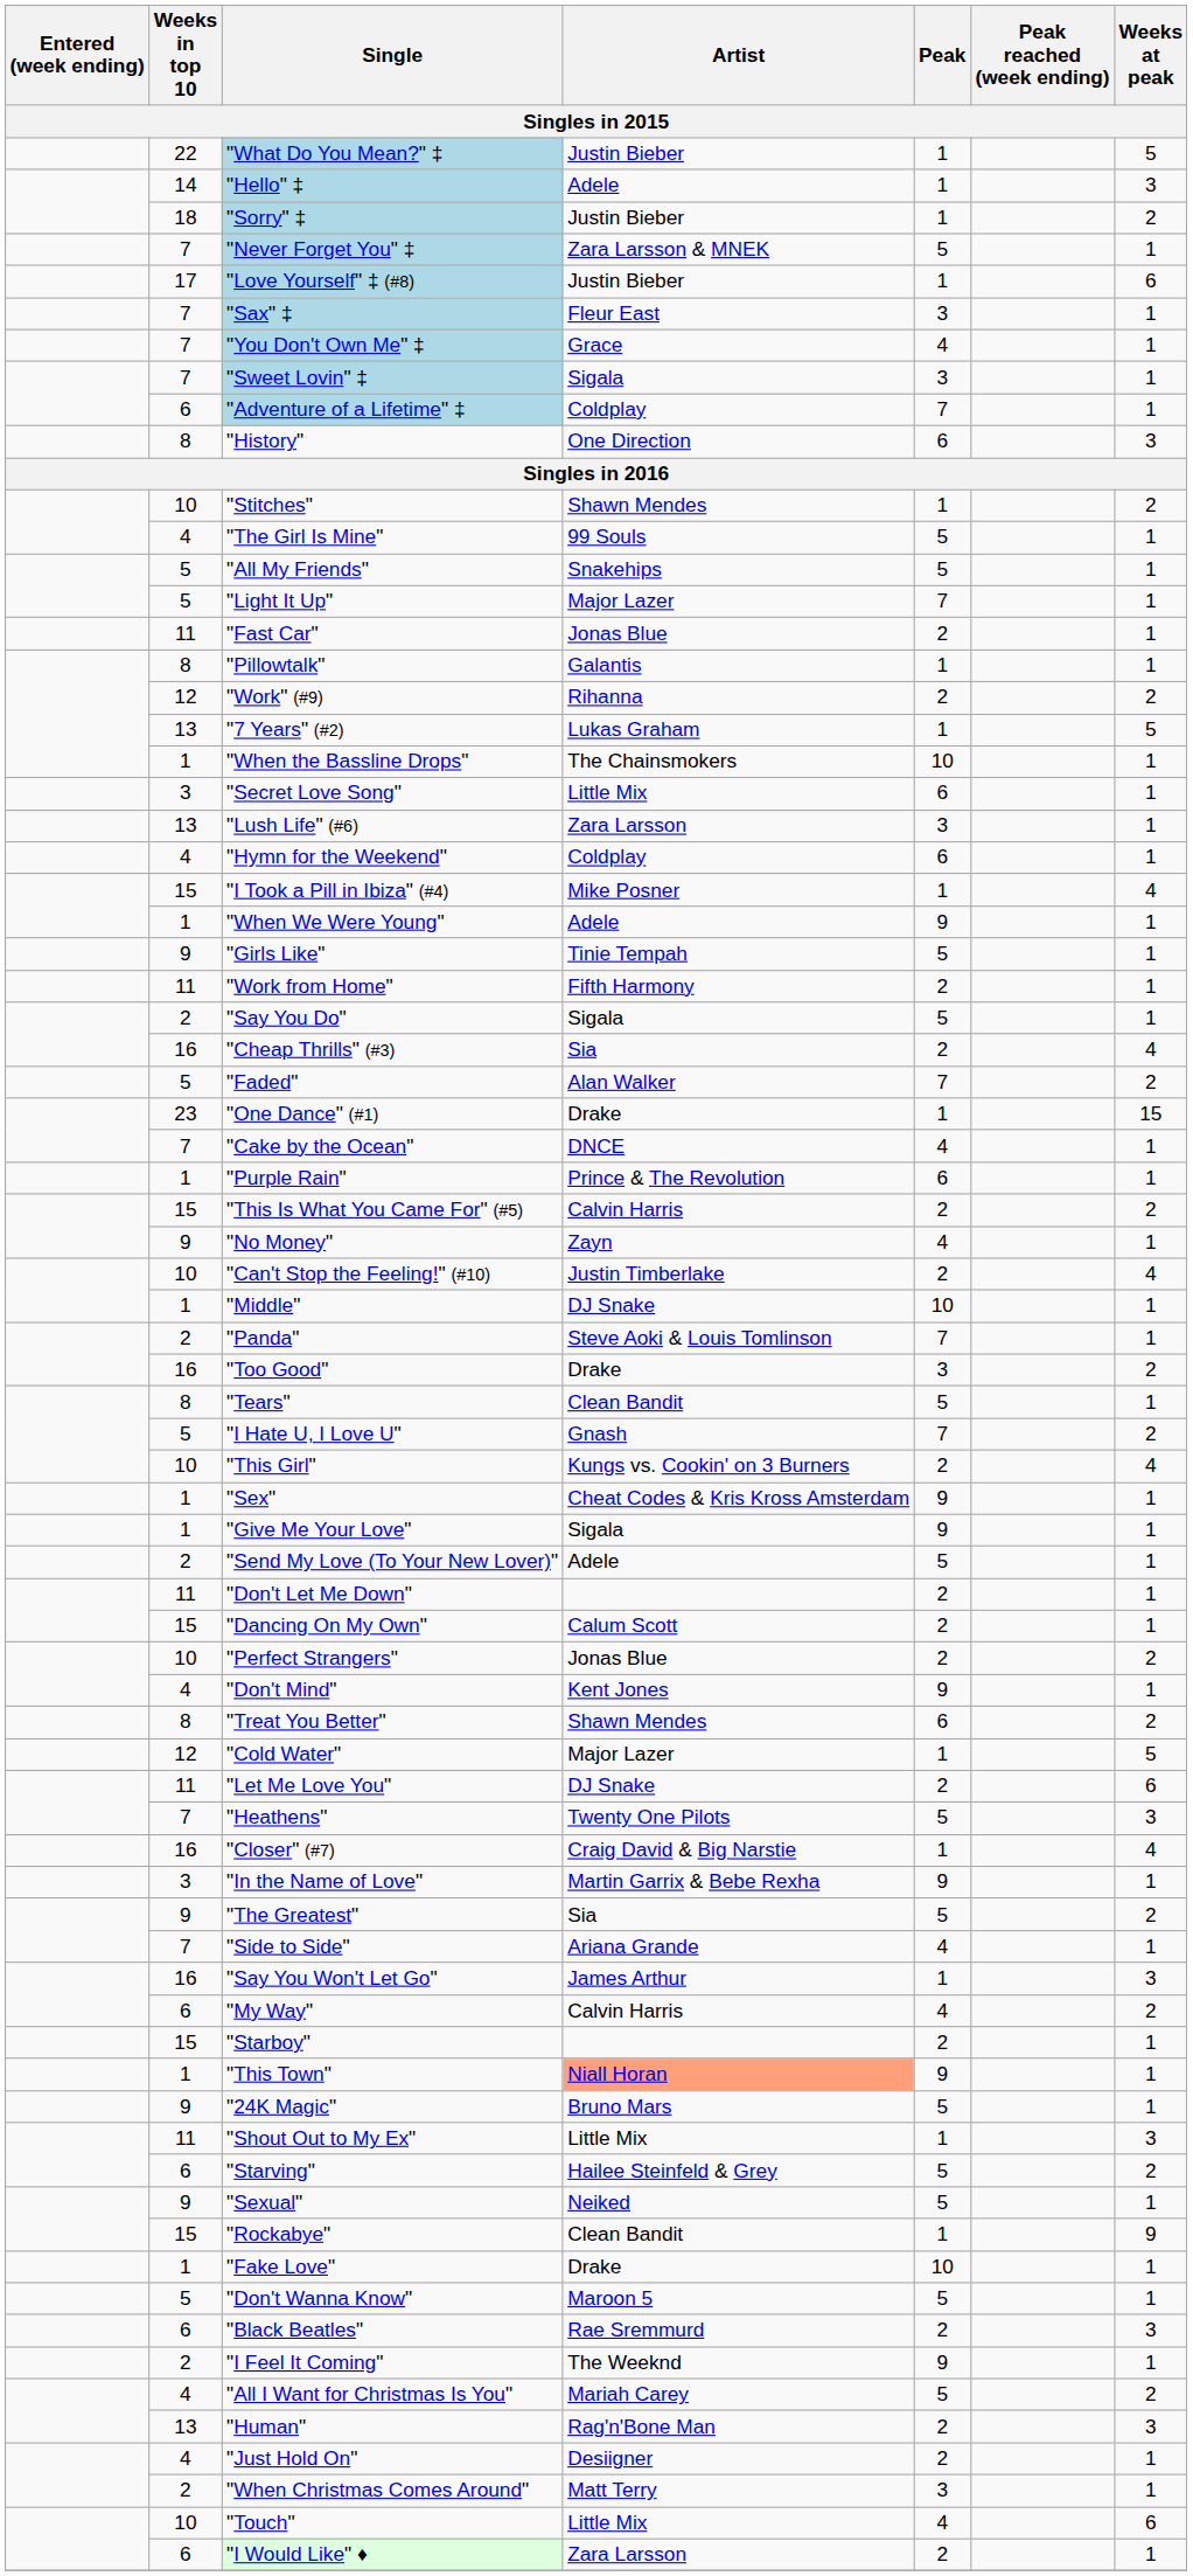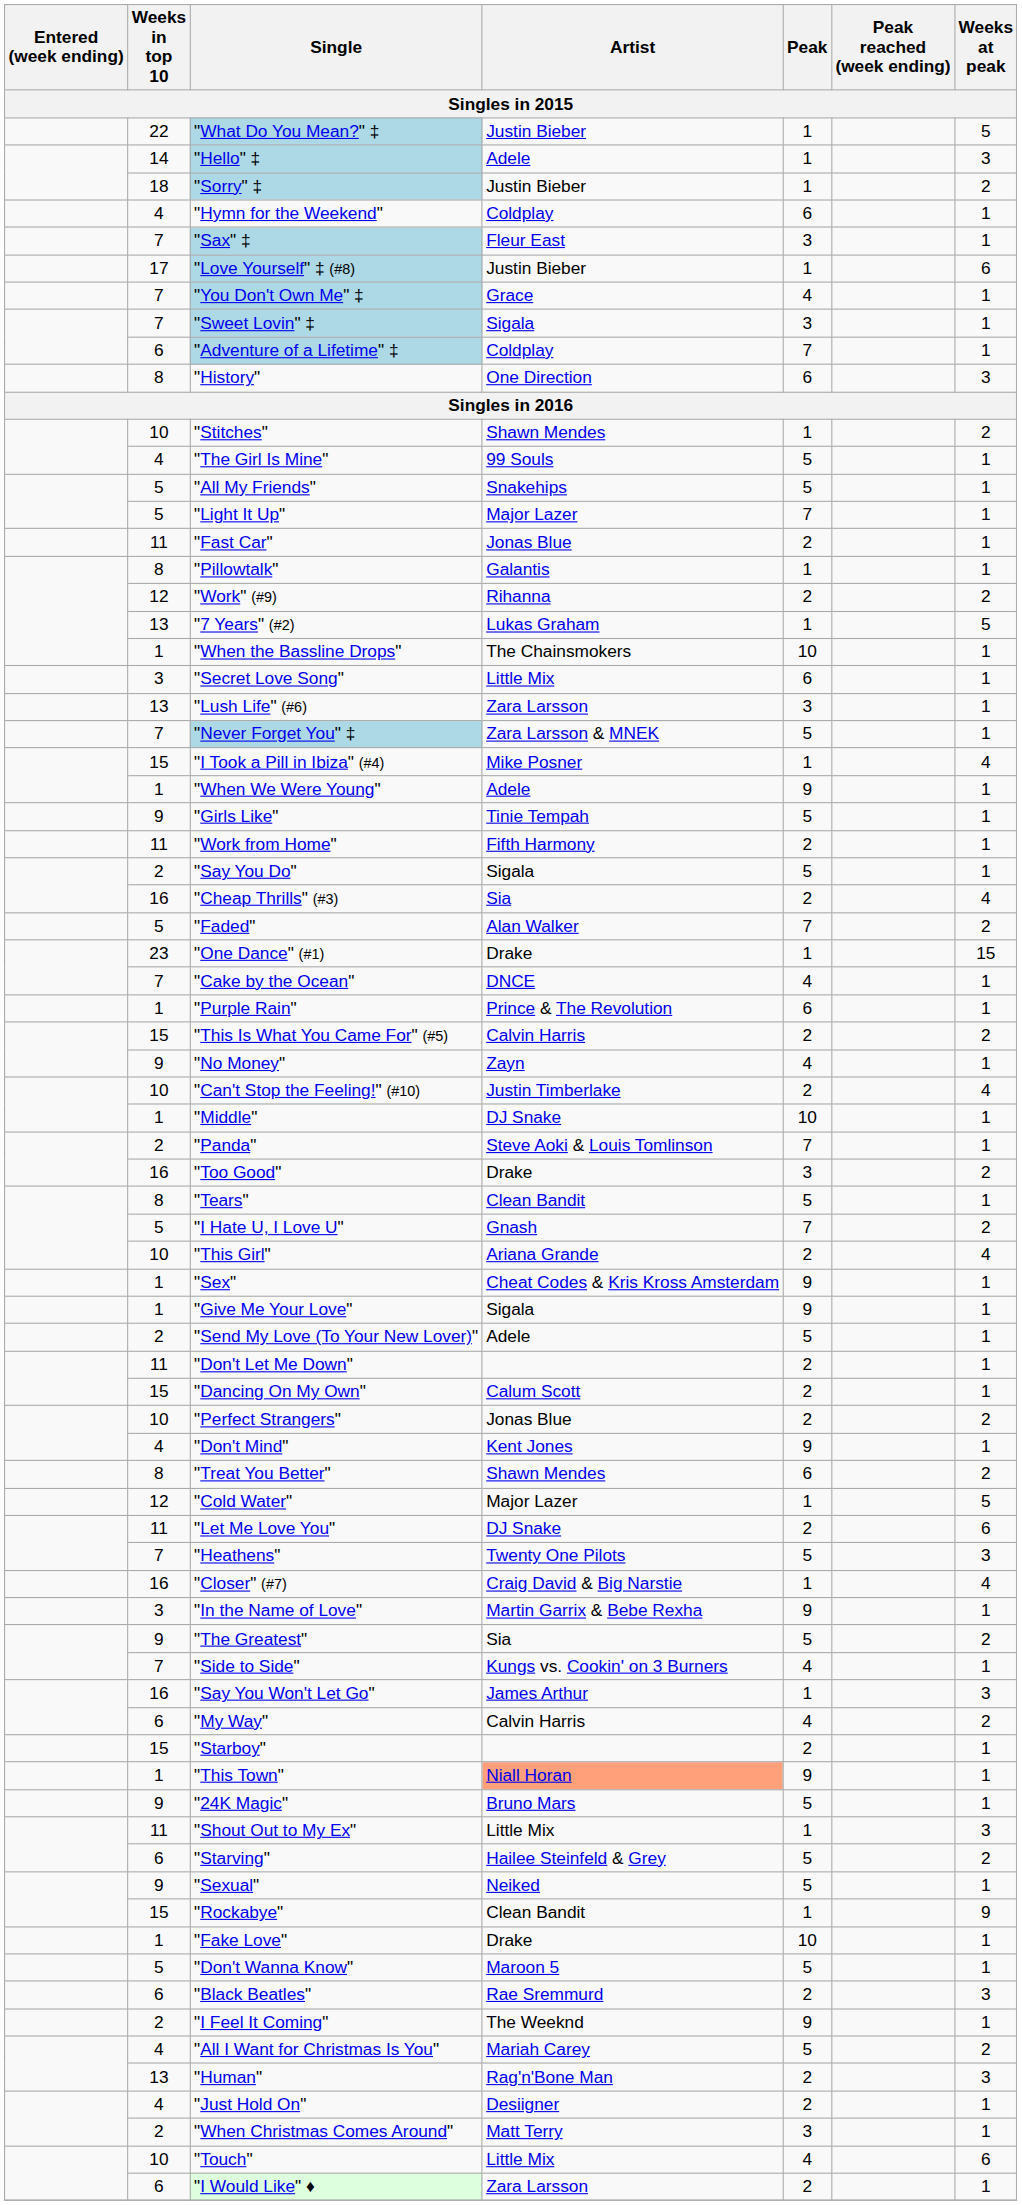 <table class="wikitable sortable" style="text-align:center">
 <tr>
 <th>Entered <br>(week ending)</th>
 <th data-sort-type="number">Weeks<br>in<br>top<br>10</th>
 <th>Single</th>
 <th>Artist</th>
 <th data-sort-type="number">Peak</th>
 <th>Peak<br>reached <br>(week ending)</th>
 <th data-sort-type="number">Weeks<br>at<br>peak</th>
 </tr>
 <tr>
 <th colspan="7">Singles in 2015</th>
 </tr>
 <tr>
 <td></td>
 <td>22</td>
 <td align="left" bgcolor=lightblue>"<a href='#'>What Do You Mean?</a>" ‡</td>
 <td align="left"><a href='#'>Justin Bieber</a></td>
 <td>1</td>
 <td></td>
 <td>5</td>
 </tr>
 <tr>
 <td rowspan="2"></td>
 <td>14</td>
 <td align="left" bgcolor=lightblue>"<a href='#'>Hello</a>" ‡</td>
 <td align="left"><a href='#'>Adele</a></td>
 <td>1</td>
 <td></td>
 <td>3</td>
 </tr>
 <tr>
 <td>18</td>
 <td align="left" bgcolor=lightblue>"<a href='#'>Sorry</a>" ‡</td>
 <td align="left">Justin Bieber</td>
 <td>1</td>
 <td></td>
 <td>2</td>
 </tr>
 <tr>
 <td></td>
+<td>4</td>
+<td align="left">"<a href='#'>Hymn for the Weekend</a>"</td>
+<td align="left"><a href='#'>Coldplay</a></td>
+<td>6</td>
+<td></td>
+<td>1</td>
+</tr>
+<tr>
+<td></td>
 <td>7</td>
-<td align="left" bgcolor=lightblue>"<a href='#'>Never Forget You</a>" ‡ </td>
-<td align="left"><a href='#'>Zara Larsson</a> & <a href='#'>MNEK</a></td>
-<td>5</td>
+<td align="left" bgcolor=lightblue>"<a href='#'>Sax</a>" ‡ </td>
+<td align="left"><a href='#'>Fleur East</a></td>
+<td>3</td>
 <td></td>
 <td>1</td>
 </tr>
 <tr>
 <td></td>
 <td>17</td>
 <td align="left" bgcolor=lightblue>"<a href='#'>Love Yourself</a>" ‡ <small>(#8)</small></td>
 <td align="left">Justin Bieber</td>
 <td>1</td>
 <td></td>
 <td>6</td>
-</tr>
-<tr>
-<td></td>
-<td>7</td>
-<td align="left" bgcolor=lightblue>"<a href='#'>Sax</a>" ‡ </td>
-<td align="left"><a href='#'>Fleur East</a></td>
-<td>3</td>
-<td></td>
-<td>1</td>
 </tr>
 <tr>
 <td></td>
 <td>7</td>
 <td align="left" bgcolor=lightblue>"<a href='#'>You Don't Own Me</a>" ‡</td>
 <td align="left"><a href='#'>Grace</a> </td>
 <td>4</td>
 <td></td>
 <td>1</td>
 </tr>
 <tr>
 <td rowspan="2"></td>
 <td>7</td>
 <td align="left" bgcolor=lightblue>"<a href='#'>Sweet Lovin</a>" ‡</td>
 <td align="left"><a href='#'>Sigala</a> </td>
 <td>3</td>
 <td></td>
 <td>1</td>
 </tr>
 <tr>
 <td>6</td>
 <td align="left" bgcolor=lightblue>"<a href='#'>Adventure of a Lifetime</a>" ‡</td>
 <td align="left"><a href='#'>Coldplay</a></td>
 <td>7</td>
 <td></td>
 <td>1</td>
 </tr>
 <tr>
 <td></td>
 <td>8</td>
 <td align="left">"<a href='#'>History</a>"</td>
 <td align="left"><a href='#'>One Direction</a></td>
 <td>6</td>
 <td></td>
 <td>3</td>
 </tr>
 <tr>
 <th colspan="7">Singles in 2016</th>
 </tr>
 <tr>
 <td rowspan="2"></td>
 <td>10</td>
 <td align="left">"<a href='#'>Stitches</a>" </td>
 <td align="left"><a href='#'>Shawn Mendes</a></td>
 <td>1</td>
 <td></td>
 <td>2</td>
 </tr>
 <tr>
 <td>4</td>
 <td align="left">"<a href='#'>The Girl Is Mine</a>"</td>
 <td align="left"><a href='#'>99 Souls</a> </td>
 <td>5</td>
 <td></td>
 <td>1</td>
 </tr>
 <tr>
 <td rowspan="2"></td>
 <td>5</td>
 <td align="left">"<a href='#'>All My Friends</a>"</td>
 <td align="left"><a href='#'>Snakehips</a> </td>
 <td>5</td>
 <td></td>
 <td>1</td>
 </tr>
 <tr>
 <td>5</td>
 <td align="left">"<a href='#'>Light It Up</a>" </td>
 <td align="left"><a href='#'>Major Lazer</a> </td>
 <td>7</td>
 <td></td>
 <td>1</td>
 </tr>
 <tr>
 <td></td>
 <td>11</td>
 <td align="left">"<a href='#'>Fast Car</a>"</td>
 <td align="left"><a href='#'>Jonas Blue</a> </td>
 <td>2</td>
 <td></td>
 <td>1</td>
 </tr>
 <tr>
 <td rowspan="4"></td>
 <td>8</td>
 <td align="left">"<a href='#'>Pillowtalk</a>" </td>
 <td align="left"><a href='#'>Galantis</a></td>
 <td>1</td>
 <td></td>
 <td>1</td>
 </tr>
 <tr>
 <td>12</td>
 <td align="left">"<a href='#'>Work</a>" <small>(#9)</small></td>
 <td align="left"><a href='#'>Rihanna</a> </td>
 <td>2</td>
 <td></td>
 <td>2</td>
 </tr>
 <tr>
 <td>13</td>
 <td align="left">"<a href='#'>7 Years</a>" <small>(#2)</small></td>
 <td align="left"><a href='#'>Lukas Graham</a></td>
 <td>1</td>
 <td></td>
 <td>5</td>
 </tr>
 <tr>
 <td>1</td>
 <td align="left">"<a href='#'>When the Bassline Drops</a>"</td>
 <td align="left">The Chainsmokers </td>
 <td>10</td>
 <td></td>
 <td>1</td>
 </tr>
 <tr>
 <td></td>
 <td>3</td>
 <td align="left">"<a href='#'>Secret Love Song</a>"</td>
 <td align="left"><a href='#'>Little Mix</a> </td>
 <td>6</td>
 <td></td>
 <td>1</td>
 </tr>
 <tr>
 <td></td>
 <td>13</td>
 <td align="left">"<a href='#'>Lush Life</a>" <small>(#6)</small></td>
 <td align="left"><a href='#'>Zara Larsson</a></td>
 <td>3</td>
 <td></td>
 <td>1</td>
 </tr>
 <tr>
 <td></td>
-<td>4</td>
-<td align="left">"<a href='#'>Hymn for the Weekend</a>"</td>
-<td align="left"><a href='#'>Coldplay</a></td>
-<td>6</td>
+<td>7</td>
+<td align="left" bgcolor=lightblue>"<a href='#'>Never Forget You</a>" ‡ </td>
+<td align="left"><a href='#'>Zara Larsson</a> & <a href='#'>MNEK</a></td>
+<td>5</td>
 <td></td>
 <td>1</td>
 </tr>
 <tr>
 <td rowspan="2"></td>
 <td>15</td>
 <td align="left">"<a href='#'>I Took a Pill in Ibiza</a>" <small>(#4)</small></td>
 <td align="left"><a href='#'>Mike Posner</a></td>
 <td>1</td>
 <td></td>
 <td>4</td>
 </tr>
 <tr>
 <td>1</td>
 <td align="left">"<a href='#'>When We Were Young</a>"</td>
 <td align="left"><a href='#'>Adele</a></td>
 <td>9</td>
 <td></td>
 <td>1</td>
 </tr>
 <tr>
 <td></td>
 <td>9</td>
 <td align="left">"<a href='#'>Girls Like</a>"</td>
 <td align="left"><a href='#'>Tinie Tempah</a> </td>
 <td>5</td>
 <td></td>
 <td>1</td>
 </tr>
 <tr>
 <td></td>
 <td>11</td>
 <td align="left">"<a href='#'>Work from Home</a>"</td>
 <td align="left"><a href='#'>Fifth Harmony</a> </td>
 <td>2</td>
 <td></td>
 <td>1</td>
 </tr>
 <tr>
 <td rowspan="2"></td>
 <td>2</td>
 <td align="left">"<a href='#'>Say You Do</a>"</td>
 <td align="left">Sigala </td>
 <td>5</td>
 <td></td>
 <td>1</td>
 </tr>
 <tr>
 <td>16</td>
 <td align="left">"<a href='#'>Cheap Thrills</a>" <small>(#3)</small></td>
 <td align="left"><a href='#'>Sia</a> </td>
 <td>2</td>
 <td></td>
 <td>4</td>
 </tr>
 <tr>
 <td></td>
 <td>5</td>
 <td align="left">"<a href='#'>Faded</a>"</td>
 <td align="left"><a href='#'>Alan Walker</a></td>
 <td>7</td>
 <td></td>
 <td>2</td>
 </tr>
 <tr>
 <td rowspan="2"></td>
 <td>23</td>
 <td align="left">"<a href='#'>One Dance</a>" <small>(#1)</small></td>
 <td align="left">Drake </td>
 <td>1</td>
 <td></td>
 <td>15</td>
 </tr>
 <tr>
 <td>7</td>
 <td align="left">"<a href='#'>Cake by the Ocean</a>"</td>
 <td align="left"><a href='#'>DNCE</a></td>
 <td>4</td>
 <td></td>
 <td>1</td>
 </tr>
 <tr>
 <td></td>
 <td>1</td>
 <td align="left">"<a href='#'>Purple Rain</a>" </td>
 <td align="left"><a href='#'>Prince</a> & <a href='#'>The Revolution</a></td>
 <td>6</td>
 <td></td>
 <td>1</td>
 </tr>
 <tr>
 <td rowspan="2"></td>
 <td>15</td>
 <td align="left">"<a href='#'>This Is What You Came For</a>" <small>(#5)</small></td>
 <td align="left"><a href='#'>Calvin Harris</a> </td>
 <td>2</td>
 <td></td>
 <td>2</td>
 </tr>
 <tr>
 <td>9</td>
 <td align="left">"<a href='#'>No Money</a>"</td>
 <td align="left"><a href='#'>Zayn</a></td>
 <td>4</td>
 <td></td>
 <td>1</td>
 </tr>
 <tr>
 <td rowspan="2"></td>
 <td>10</td>
 <td align="left">"<a href='#'>Can't Stop the Feeling!</a>" <small>(#10)</small></td>
 <td align="left"><a href='#'>Justin Timberlake</a></td>
 <td>2</td>
 <td></td>
 <td>4</td>
 </tr>
 <tr>
 <td>1</td>
 <td align="left">"<a href='#'>Middle</a>"</td>
 <td align="left"><a href='#'>DJ Snake</a> </td>
 <td>10</td>
 <td></td>
 <td>1</td>
 </tr>
 <tr>
 <td rowspan="2"></td>
 <td>2</td>
 <td align="left">"<a href='#'>Panda</a>"</td>
 <td align="left"><a href='#'>Steve Aoki</a> & <a href='#'>Louis Tomlinson</a></td>
 <td>7</td>
 <td></td>
 <td>1</td>
 </tr>
 <tr>
 <td>16</td>
 <td align="left">"<a href='#'>Too Good</a>"</td>
 <td align="left">Drake </td>
 <td>3</td>
 <td></td>
 <td>2</td>
 </tr>
 <tr>
 <td rowspan="3"></td>
 <td>8</td>
 <td align="left">"<a href='#'>Tears</a>"</td>
 <td align="left"><a href='#'>Clean Bandit</a> </td>
 <td>5</td>
 <td></td>
 <td>1</td>
 </tr>
 <tr>
 <td>5</td>
 <td align="left">"<a href='#'>I Hate U, I Love U</a>"</td>
 <td align="left"><a href='#'>Gnash</a> </td>
 <td>7</td>
 <td></td>
 <td>2</td>
 </tr>
 <tr>
 <td>10</td>
 <td align="left">"<a href='#'>This Girl</a>"</td>
-<td align="left"><a href='#'>Kungs</a> vs. <a href='#'>Cookin' on 3 Burners</a></td>
+<td align="left"><a href='#'>Ariana Grande</a> </td>
 <td>2</td>
 <td></td>
 <td>4</td>
 </tr>
 <tr>
 <td></td>
 <td>1</td>
 <td align="left">"<a href='#'>Sex</a>"</td>
 <td align="left"><a href='#'>Cheat Codes</a> & <a href='#'>Kris Kross Amsterdam</a></td>
 <td>9</td>
 <td></td>
 <td>1</td>
 </tr>
 <tr>
 <td></td>
 <td>1</td>
 <td align="left">"<a href='#'>Give Me Your Love</a>"</td>
 <td align="left">Sigala </td>
 <td>9</td>
 <td></td>
 <td>1</td>
 </tr>
 <tr>
 <td></td>
 <td>2</td>
 <td align="left">"<a href='#'>Send My Love (To Your New Lover)</a>"</td>
 <td align="left">Adele</td>
 <td>5</td>
 <td></td>
 <td>1</td>
 </tr>
 <tr>
 <td rowspan="2"></td>
 <td>11</td>
 <td align="left">"<a href='#'>Don't Let Me Down</a>"</td>
 <td align="left"> </td>
 <td>2</td>
 <td></td>
 <td>1</td>
 </tr>
 <tr>
 <td>15</td>
 <td align="left">"<a href='#'>Dancing On My Own</a>"</td>
 <td align="left"><a href='#'>Calum Scott</a></td>
 <td>2</td>
 <td></td>
 <td>1</td>
 </tr>
 <tr>
 <td rowspan="2"></td>
 <td>10</td>
 <td align="left">"<a href='#'>Perfect Strangers</a>"</td>
 <td align="left">Jonas Blue </td>
 <td>2</td>
 <td></td>
 <td>2</td>
 </tr>
 <tr>
 <td>4</td>
 <td align="left">"<a href='#'>Don't Mind</a>"</td>
 <td align="left"><a href='#'>Kent Jones</a></td>
 <td>9</td>
 <td></td>
 <td>1</td>
 </tr>
 <tr>
 <td></td>
 <td>8</td>
 <td align="left">"<a href='#'>Treat You Better</a>"</td>
 <td align="left"><a href='#'>Shawn Mendes</a></td>
 <td>6</td>
 <td></td>
 <td>2</td>
 </tr>
 <tr>
 <td></td>
 <td>12</td>
 <td align="left">"<a href='#'>Cold Water</a>"</td>
 <td align="left">Major Lazer </td>
 <td>1</td>
 <td></td>
 <td>5</td>
 </tr>
 <tr>
 <td rowspan="2"></td>
 <td>11</td>
 <td align="left">"<a href='#'>Let Me Love You</a>"</td>
 <td align="left"><a href='#'>DJ Snake</a> </td>
 <td>2</td>
 <td></td>
 <td>6</td>
 </tr>
 <tr>
 <td>7</td>
 <td align="left">"<a href='#'>Heathens</a>"</td>
 <td align="left"><a href='#'>Twenty One Pilots</a></td>
 <td>5</td>
 <td></td>
 <td>3</td>
 </tr>
 <tr>
 <td></td>
 <td>16</td>
 <td align="left">"<a href='#'>Closer</a>" <small>(#7)</small></td>
 <td align="left"><a href='#'>Craig David</a> & <a href='#'>Big Narstie</a></td>
 <td>1</td>
 <td></td>
 <td>4</td>
 </tr>
 <tr>
 <td></td>
 <td>3</td>
 <td align="left">"<a href='#'>In the Name of Love</a>" </td>
 <td align="left"><a href='#'>Martin Garrix</a> & <a href='#'>Bebe Rexha</a></td>
 <td>9</td>
 <td></td>
 <td>1</td>
 </tr>
 <tr>
 <td rowspan="2"></td>
 <td>9</td>
 <td align="left">"<a href='#'>The Greatest</a>"</td>
 <td align="left">Sia </td>
 <td>5</td>
 <td></td>
 <td>2</td>
 </tr>
 <tr>
 <td>7</td>
 <td align="left">"<a href='#'>Side to Side</a>"</td>
-<td align="left"><a href='#'>Ariana Grande</a> </td>
+<td align="left"><a href='#'>Kungs</a> vs. <a href='#'>Cookin' on 3 Burners</a></td>
 <td>4</td>
 <td></td>
 <td>1</td>
 </tr>
 <tr>
 <td rowspan="2"></td>
 <td>16</td>
 <td align="left">"<a href='#'>Say You Won't Let Go</a>"</td>
 <td align="left"><a href='#'>James Arthur</a></td>
 <td>1</td>
 <td></td>
 <td>3</td>
 </tr>
 <tr>
 <td>6</td>
 <td align="left">"<a href='#'>My Way</a>"</td>
 <td align="left">Calvin Harris</td>
 <td>4</td>
 <td></td>
 <td>2</td>
 </tr>
 <tr>
 <td></td>
 <td>15</td>
 <td align="left">"<a href='#'>Starboy</a>"</td>
 <td align="left"> </td>
 <td>2</td>
 <td></td>
 <td>1</td>
 </tr>
 <tr>
 <td></td>
 <td>1</td>
 <td align="left">"<a href='#'>This Town</a>"</td>
 <td align="left" style="background: lightsalmon;"><a href='#'>Niall Horan</a></td>
 <td>9</td>
 <td></td>
 <td>1</td>
 </tr>
 <tr>
 <td></td>
 <td>9</td>
 <td align="left">"<a href='#'>24K Magic</a>" </td>
 <td align="left"><a href='#'>Bruno Mars</a></td>
 <td>5</td>
 <td></td>
 <td>1</td>
 </tr>
 <tr>
 <td rowspan="2"></td>
 <td>11</td>
 <td align="left">"<a href='#'>Shout Out to My Ex</a>" </td>
 <td align="left">Little Mix</td>
 <td>1</td>
 <td></td>
 <td>3</td>
 </tr>
 <tr>
 <td>6</td>
 <td align="left">"<a href='#'>Starving</a>"</td>
 <td align="left"><a href='#'>Hailee Steinfeld</a> & <a href='#'>Grey</a> </td>
 <td>5</td>
 <td></td>
 <td>2</td>
 </tr>
 <tr>
 <td rowspan="2"></td>
 <td>9</td>
 <td align="left">"<a href='#'>Sexual</a>" </td>
 <td align="left"><a href='#'>Neiked</a> </td>
 <td>5</td>
 <td></td>
 <td>1</td>
 </tr>
 <tr>
 <td>15</td>
 <td align="left">"<a href='#'>Rockabye</a>"</td>
 <td align="left">Clean Bandit </td>
 <td>1</td>
 <td></td>
 <td>9</td>
 </tr>
 <tr>
 <td></td>
 <td>1</td>
 <td align="left">"<a href='#'>Fake Love</a>"</td>
 <td align="left">Drake</td>
 <td>10</td>
 <td></td>
 <td>1</td>
 </tr>
 <tr>
 <td></td>
 <td>5</td>
 <td align="left">"<a href='#'>Don't Wanna Know</a>"</td>
 <td align="left"><a href='#'>Maroon 5</a> </td>
 <td>5</td>
 <td></td>
 <td>1</td>
 </tr>
 <tr>
 <td></td>
 <td>6</td>
 <td align="left">"<a href='#'>Black Beatles</a>"</td>
 <td align="left"><a href='#'>Rae Sremmurd</a> </td>
 <td>2</td>
 <td></td>
 <td>3</td>
 </tr>
 <tr>
 <td></td>
 <td>2</td>
 <td align="left">"<a href='#'>I Feel It Coming</a>"</td>
 <td align="left">The Weeknd </td>
 <td>9</td>
 <td></td>
 <td>1</td>
 </tr>
 <tr>
 <td rowspan="2"></td>
 <td>4</td>
 <td align="left">"<a href='#'>All I Want for Christmas Is You</a>" </td>
 <td align="left"><a href='#'>Mariah Carey</a></td>
 <td>5</td>
 <td></td>
 <td>2</td>
 </tr>
 <tr>
 <td>13</td>
 <td align="left">"<a href='#'>Human</a>"</td>
 <td align="left"><a href='#'>Rag'n'Bone Man</a></td>
 <td>2</td>
 <td></td>
 <td>3</td>
 </tr>
 <tr>
 <td rowspan="2"></td>
 <td>4</td>
 <td align="left">"<a href='#'>Just Hold On</a>" </td>
 <td align="left"><a href='#'>Desiigner</a></td>
 <td>2</td>
 <td></td>
 <td>1</td>
 </tr>
 <tr>
 <td>2</td>
 <td align="left">"<a href='#'>When Christmas Comes Around</a>"</td>
 <td align="left"><a href='#'>Matt Terry</a></td>
 <td>3</td>
 <td></td>
 <td>1</td>
 </tr>
 <tr>
 <td rowspan="2"></td>
 <td>10</td>
 <td align="left">"<a href='#'>Touch</a>"</td>
 <td align="left"><a href='#'>Little Mix</a></td>
 <td>4</td>
 <td></td>
 <td>6</td>
 </tr>
 <tr>
 <td>6</td>
 <td align="left" bgcolor=#DDFFDD>"<a href='#'>I Would Like</a>" ♦</td>
 <td align="left"><a href='#'>Zara Larsson</a></td>
 <td>2</td>
 <td></td>
 <td>1</td>
 </tr>
 <tr>
 </tr>
 </table>
